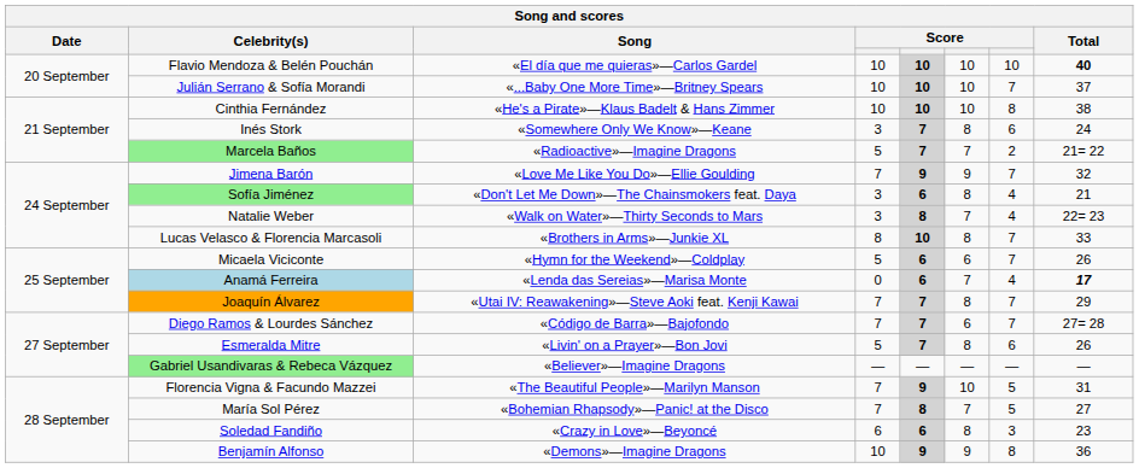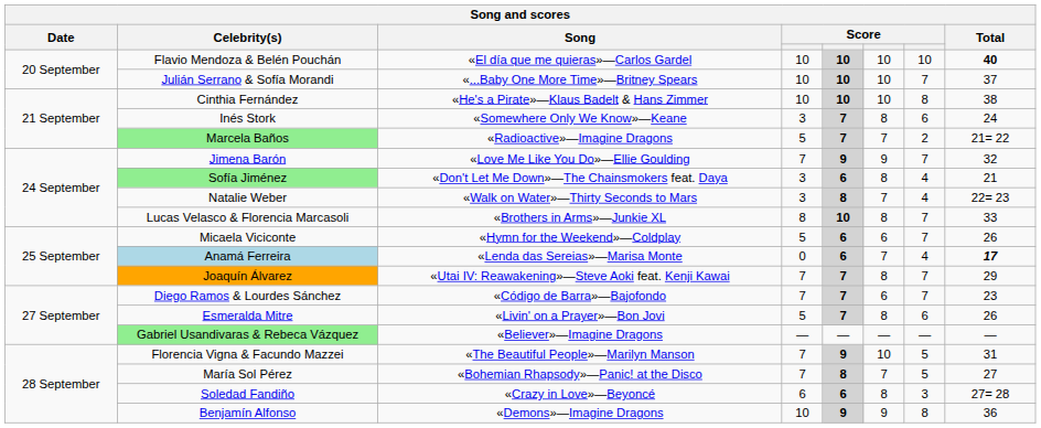 <table class="wikitable collapsible collapsed" style="font-size:95%; text-align: center; width: 100%;">
 <tr>
 <th colspan="11" style="with: 100%;" align=center>Song and scores</th>
 </tr>
 <tr>
 <th rowspan="2" width=95>Date</th>
 <th rowspan="2" width=230>Celebrity(s)</th>
 <th rowspan="2" width=360>Song</th>
 <th colspan="4">Score</th>
 <th rowspan="2" width=75>Total</th>
 </tr>
 <tr>
 <th width=30></th>
 <th width=30></th>
 <th width=30></th>
 <th width=30></th>
 </tr>
 <tr>
 <td rowspan="2">20 September</td>
 <td bgcolor="">Flavio Mendoza & Belén Pouchán</td>
 <td>«<a href='#'>El día que me quieras</a>»—<a href='#'>Carlos Gardel</a></td>
 <td>10</td>
 <td bgcolor="lightgrey"><strong>10</strong></td>
 <td>10</td>
 <td>10</td>
 <td><span><strong>40</strong></span></td>
 </tr>
 <tr>
 <td bgcolor=""><a href='#'>Julián Serrano</a> & Sofía Morandi</td>
 <td>«<a href='#'>...Baby One More Time</a>»—<a href='#'>Britney Spears</a></td>
 <td>10</td>
 <td bgcolor="lightgrey"><strong>10</strong></td>
 <td>10</td>
 <td>7</td>
 <td>37</td>
 </tr>
 <tr>
 <td rowspan="3">21 September</td>
 <td bgcolor="">Cinthia Fernández</td>
 <td>«<a href='#'>He's a Pirate</a>»—<a href='#'>Klaus Badelt</a> & <a href='#'>Hans Zimmer</a></td>
 <td>10</td>
 <td bgcolor="lightgrey"><strong>10</strong></td>
 <td>10</td>
 <td>8</td>
 <td>38</td>
 </tr>
 <tr>
 <td bgcolor="">Inés Stork</td>
 <td>«<a href='#'>Somewhere Only We Know</a>»—<a href='#'>Keane</a></td>
 <td>3</td>
 <td bgcolor="lightgrey"><strong>7</strong></td>
 <td>8</td>
 <td>6</td>
 <td>24</td>
 </tr>
 <tr>
 <td bgcolor="lightgreen">Marcela Baños</td>
 <td>«<a href='#'>Radioactive</a>»—<a href='#'>Imagine Dragons</a></td>
 <td>5</td>
 <td bgcolor="lightgrey"><strong>7</strong></td>
 <td>7</td>
 <td>2</td>
 <td>21= 22</td>
 </tr>
 <tr>
 <td rowspan="4">24 September</td>
 <td bgcolor=""><a href='#'>Jimena Barón</a></td>
 <td>«<a href='#'>Love Me Like You Do</a>»—<a href='#'>Ellie Goulding</a></td>
 <td>7</td>
 <td bgcolor="lightgrey"><strong>9</strong></td>
 <td>9</td>
 <td>7</td>
 <td>32</td>
 </tr>
 <tr>
 <td bgcolor="lightgreen">Sofía Jiménez</td>
 <td>«<a href='#'>Don't Let Me Down</a>»—<a href='#'>The Chainsmokers</a> feat. <a href='#'>Daya</a></td>
 <td>3</td>
 <td bgcolor="lightgrey"><strong>6</strong></td>
 <td>8</td>
 <td>4</td>
 <td>21</td>
 </tr>
 <tr>
 <td bgcolor="">Natalie Weber</td>
 <td>«<a href='#'>Walk on Water</a>»—<a href='#'>Thirty Seconds to Mars</a></td>
 <td>3</td>
 <td bgcolor="lightgrey"><strong>8</strong></td>
 <td>7</td>
 <td>4</td>
 <td>22= 23</td>
 </tr>
 <tr>
 <td bgcolor="">Lucas Velasco & Florencia Marcasoli</td>
 <td>«<a href='#'>Brothers in Arms</a>»—<a href='#'>Junkie XL</a></td>
 <td>8</td>
 <td bgcolor="lightgrey"><strong>10</strong></td>
 <td>8</td>
 <td>7</td>
 <td>33</td>
 </tr>
 <tr>
 <td rowspan="3">25 September</td>
 <td bgcolor="">Micaela Viciconte</td>
 <td>«<a href='#'>Hymn for the Weekend</a>»—<a href='#'>Coldplay</a></td>
 <td>5</td>
 <td bgcolor="lightgrey"><strong>6</strong></td>
 <td>6</td>
 <td>7</td>
 <td>26</td>
 </tr>
 <tr>
 <td bgcolor="lightblue">Anamá Ferreira</td>
 <td>«<a href='#'>Lenda das Sereias</a>»—<a href='#'>Marisa Monte</a></td>
 <td>0</td>
 <td bgcolor="lightgrey"><strong>6</strong></td>
 <td>7</td>
 <td>4</td>
 <td><span><strong><em>17</em></strong></span></td>
 </tr>
 <tr>
 <td bgcolor="orange">Joaquín Álvarez</td>
 <td>«<a href='#'>Utai IV: Reawakening</a>»—<a href='#'>Steve Aoki</a> feat. <a href='#'>Kenji Kawai</a></td>
 <td>7</td>
 <td bgcolor="lightgrey"><strong>7</strong></td>
 <td>8</td>
 <td>7</td>
 <td>29</td>
 </tr>
 <tr>
 <td rowspan="3">27 September</td>
 <td bgcolor=""><a href='#'>Diego Ramos</a> & Lourdes Sánchez</td>
 <td>«<a href='#'>Código de Barra</a>»—<a href='#'>Bajofondo</a></td>
 <td>7</td>
 <td bgcolor="lightgrey"><strong>7</strong></td>
 <td>6</td>
 <td>7</td>
-<td>27= 28</td>
+<td>23</td>
 </tr>
 <tr>
 <td bgcolor=""><a href='#'>Esmeralda Mitre</a></td>
 <td>«<a href='#'>Livin' on a Prayer</a>»—<a href='#'>Bon Jovi</a></td>
 <td>5</td>
 <td bgcolor="lightgrey"><strong>7</strong></td>
 <td>8</td>
 <td>6</td>
 <td>26</td>
 </tr>
 <tr>
 <td bgcolor="lightgreen">Gabriel Usandivaras & Rebeca Vázquez</td>
 <td>«<a href='#'>Believer</a>»—<a href='#'>Imagine Dragons</a></td>
 <td>—</td>
 <td>—</td>
 <td>—</td>
 <td>—</td>
 <td>—</td>
 </tr>
 <tr>
 <td rowspan="4">28 September</td>
 <td bgcolor="">Florencia Vigna & Facundo Mazzei</td>
 <td>«<a href='#'>The Beautiful People</a>»—<a href='#'>Marilyn Manson</a></td>
 <td>7</td>
 <td bgcolor="lightgrey"><strong>9</strong></td>
 <td>10</td>
 <td>5</td>
 <td>31</td>
 </tr>
 <tr>
 <td bgcolor="">María Sol Pérez</td>
 <td>«<a href='#'>Bohemian Rhapsody</a>»—<a href='#'>Panic! at the Disco</a></td>
 <td>7</td>
 <td bgcolor="lightgrey"><strong>8</strong></td>
 <td>7</td>
 <td>5</td>
 <td>27</td>
 </tr>
 <tr>
 <td bgcolor=""><a href='#'>Soledad Fandiño</a></td>
 <td>«<a href='#'>Crazy in Love</a>»—<a href='#'>Beyoncé</a></td>
 <td>6</td>
 <td bgcolor="lightgrey"><strong>6</strong></td>
 <td>8</td>
 <td>3</td>
-<td>23</td>
+<td>27= 28</td>
 </tr>
 <tr>
 <td bgcolor=""><a href='#'>Benjamín Alfonso</a></td>
 <td>«<a href='#'>Demons</a>»—<a href='#'>Imagine Dragons</a></td>
 <td>10</td>
 <td bgcolor="lightgrey"><strong>9</strong></td>
 <td>9</td>
 <td>8</td>
 <td>36</td>
 </tr>
 </table>
